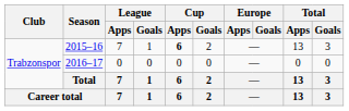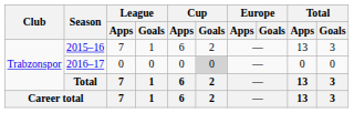 <table class="wikitable" style="text-align: center;">
 <tr>
 <th rowspan="2">Club</th>
 <th rowspan="2">Season</th>
 <th colspan="2">League</th>
 <th colspan="2">Cup</th>
 <th colspan="2">Europe</th>
 <th colspan="2">Total</th>
 </tr>
 <tr>
 <th>Apps</th>
 <th>Goals</th>
 <th>Apps</th>
 <th>Goals</th>
 <th>Apps</th>
 <th>Goals</th>
 <th>Apps</th>
 <th>Goals</th>
 </tr>
 <tr>
 <td rowspan="3" valign="center"><a href='#'>Trabzonspor</a></td>
 <td><a href='#'>2015–16</a></td>
 <td>7</td>
 <td>1</td>
-<td><strong>6</strong></td>
+<td>6</td>
 <td>2</td>
 <td colspan="2">—</td>
 <td>13</td>
 <td>3</td>
 </tr>
 <tr>
 <td><a href='#'>2016–17</a></td>
 <td>0</td>
 <td>0</td>
 <td>0</td>
-<td>0</td>
+<td style="background: lightgrey;">0</td>
 <td colspan="2">—</td>
 <td>0</td>
 <td>0</td>
 </tr>
 <tr>
 <th>Total</th>
 <th>7</th>
 <th>1</th>
 <th>6</th>
 <th>2</th>
 <th colspan="2">—</th>
 <th>13</th>
 <th>3</th>
 </tr>
 <tr>
 <th colspan="2">Career total</th>
 <th>7</th>
 <th>1</th>
 <th>6</th>
 <th>2</th>
 <th colspan="2">—</th>
 <th>13</th>
 <th>3</th>
 </tr>
 </table>
